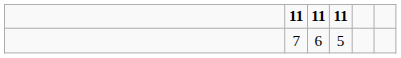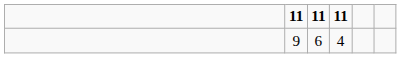 <table class="wikitable">
 <tr>
 <td style="width:18em"><strong></strong></td>
 <td align=center style="width:1em"><strong>11</strong></td>
 <td align=center style="width:1em"><strong>11</strong></td>
 <td align=center style="width:1em"><strong>11</strong></td>
 <td align=center style="width:1em"></td>
 <td align=center style="width:1em"></td>
 </tr>
 <tr>
 <td style="width:18em"></td>
-<td align=center style="width:1em">7</td>
+<td align=center style="width:1em">9</td>
 <td align=center style="width:1em">6</td>
-<td align=center style="width:1em">5</td>
+<td align=center style="width:1em">4</td>
 <td align=center style="width:1em"></td>
 <td align=center style="width:1em"></td>
 </tr>
 </table>
